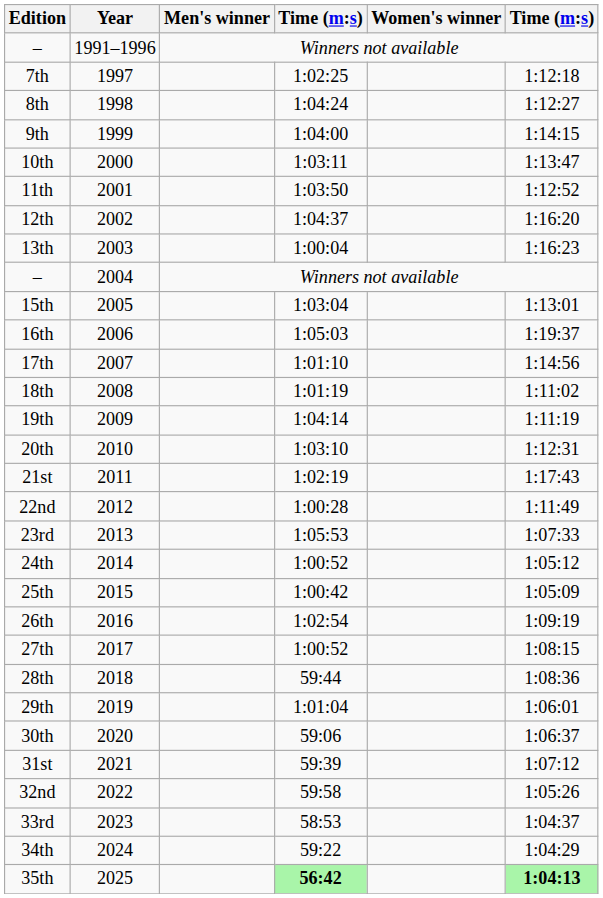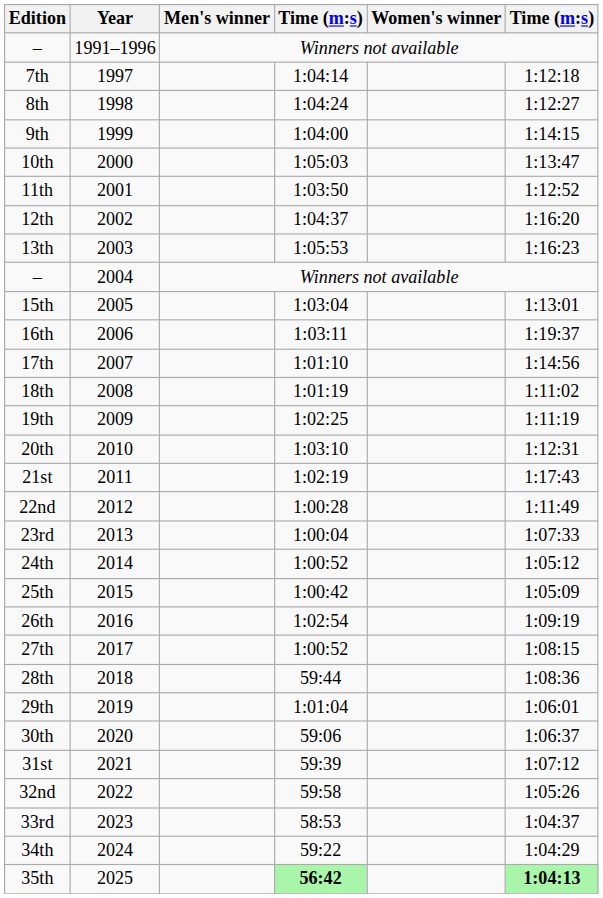 <table class="wikitable" style="text-align:center">
 <tr>
 <th>Edition</th>
 <th>Year</th>
 <th>Men's winner</th>
 <th>Time (<a href='#'>m</a>:<a href='#'>s</a>)</th>
 <th>Women's winner</th>
 <th>Time (<a href='#'>m</a>:<a href='#'>s</a>)</th>
 </tr>
 <tr>
 <td>–</td>
 <td>1991–1996</td>
 <td colspan="4" align-text="center"><em>Winners not available</em></td>
 </tr>
 <tr>
 <td>7th</td>
 <td>1997</td>
 <td align=left></td>
-<td>1:02:25</td>
+<td>1:04:14</td>
 <td align=left></td>
 <td>1:12:18</td>
 </tr>
 <tr>
 <td>8th</td>
 <td>1998</td>
 <td align=left></td>
 <td>1:04:24</td>
 <td align=left></td>
 <td>1:12:27</td>
 </tr>
 <tr>
 <td>9th</td>
 <td>1999</td>
 <td align=left></td>
 <td>1:04:00</td>
 <td align=left></td>
 <td>1:14:15</td>
 </tr>
 <tr>
 <td>10th</td>
 <td>2000</td>
 <td align=left></td>
-<td>1:03:11</td>
+<td>1:05:03</td>
 <td align=left></td>
 <td>1:13:47</td>
 </tr>
 <tr>
 <td>11th</td>
 <td>2001</td>
 <td align=left></td>
 <td>1:03:50</td>
 <td align=left></td>
 <td>1:12:52</td>
 </tr>
 <tr>
 <td>12th</td>
 <td>2002</td>
 <td align=left></td>
 <td>1:04:37</td>
 <td align=left></td>
 <td>1:16:20</td>
 </tr>
 <tr>
 <td>13th</td>
 <td>2003</td>
 <td align=left></td>
-<td>1:00:04</td>
+<td>1:05:53</td>
 <td align=left></td>
 <td>1:16:23</td>
 </tr>
 <tr>
 <td>–</td>
 <td>2004</td>
 <td colspan="4" align-text="center"><em>Winners not available</em></td>
 </tr>
 <tr>
 <td>15th</td>
 <td>2005</td>
 <td align=left></td>
 <td>1:03:04</td>
 <td align=left></td>
 <td>1:13:01</td>
 </tr>
 <tr>
 <td>16th</td>
 <td>2006</td>
 <td align=left></td>
-<td>1:05:03</td>
+<td>1:03:11</td>
 <td align=left></td>
 <td>1:19:37</td>
 </tr>
 <tr>
 <td>17th</td>
 <td>2007</td>
 <td align=left></td>
 <td>1:01:10</td>
 <td align=left></td>
 <td>1:14:56</td>
 </tr>
 <tr>
 <td>18th</td>
 <td>2008</td>
 <td align=left></td>
 <td>1:01:19</td>
 <td align=left></td>
 <td>1:11:02</td>
 </tr>
 <tr>
 <td>19th</td>
 <td>2009</td>
 <td align=left></td>
-<td>1:04:14</td>
+<td>1:02:25</td>
 <td align=left></td>
 <td>1:11:19</td>
 </tr>
 <tr>
 <td>20th</td>
 <td>2010</td>
 <td align=left></td>
 <td>1:03:10</td>
 <td align=left></td>
 <td>1:12:31</td>
 </tr>
 <tr>
 <td>21st</td>
 <td>2011</td>
 <td align=left></td>
 <td>1:02:19</td>
 <td align=left></td>
 <td>1:17:43</td>
 </tr>
 <tr>
 <td>22nd</td>
 <td>2012</td>
 <td align=left></td>
 <td>1:00:28</td>
 <td align=left></td>
 <td>1:11:49</td>
 </tr>
 <tr>
 <td>23rd</td>
 <td>2013</td>
 <td align=left></td>
-<td>1:05:53</td>
+<td>1:00:04</td>
 <td align=left></td>
 <td>1:07:33</td>
 </tr>
 <tr>
 <td>24th</td>
 <td>2014</td>
 <td align=left></td>
 <td>1:00:52</td>
 <td align=left></td>
 <td>1:05:12</td>
 </tr>
 <tr>
 <td>25th</td>
 <td>2015</td>
 <td align=left></td>
 <td>1:00:42</td>
 <td align=left></td>
 <td>1:05:09</td>
 </tr>
 <tr>
 <td>26th</td>
 <td>2016</td>
 <td align=left></td>
 <td>1:02:54</td>
 <td align=left></td>
 <td>1:09:19</td>
 </tr>
 <tr>
 <td>27th</td>
 <td>2017</td>
 <td align=left></td>
 <td>1:00:52</td>
 <td align=left></td>
 <td>1:08:15</td>
 </tr>
 <tr>
 <td>28th</td>
 <td>2018</td>
 <td align=left></td>
 <td>59:44</td>
 <td align=left></td>
 <td>1:08:36</td>
 </tr>
 <tr>
 <td>29th</td>
 <td>2019</td>
 <td align=left></td>
 <td>1:01:04</td>
 <td align=left></td>
 <td>1:06:01</td>
 </tr>
 <tr>
 <td>30th</td>
 <td>2020</td>
 <td align=left></td>
 <td>59:06</td>
 <td align=left></td>
 <td>1:06:37</td>
 </tr>
 <tr>
 <td>31st</td>
 <td>2021</td>
 <td align=left></td>
 <td>59:39</td>
 <td align=left></td>
 <td>1:07:12</td>
 </tr>
 <tr>
 <td>32nd</td>
 <td>2022</td>
 <td align=left></td>
 <td>59:58</td>
 <td align=left></td>
 <td>1:05:26</td>
 </tr>
 <tr>
 <td>33rd</td>
 <td>2023</td>
 <td align=left></td>
 <td>58:53</td>
 <td align=left></td>
 <td>1:04:37</td>
 </tr>
 <tr>
 <td>34th</td>
 <td>2024</td>
 <td align=left></td>
 <td>59:22</td>
 <td align=left></td>
 <td>1:04:29</td>
 </tr>
 <tr>
 <td>35th</td>
 <td>2025</td>
 <td align=left></td>
 <td bgcolor=#A9F5A9><strong>56:42 </strong></td>
 <td align=left></td>
 <td bgcolor=#A9F5A9><strong>1:04:13</strong></td>
 </tr>
 </table>
